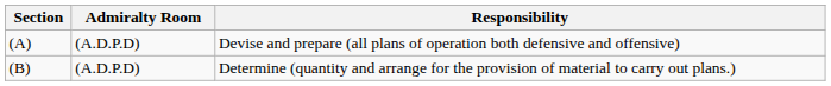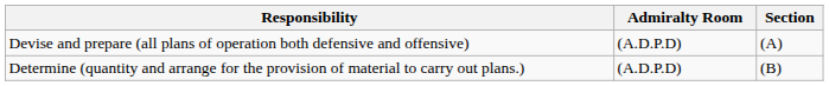 <table class="collapsible wikitable collapsed" style="width: 65%">
 <tr>
+<th>Responsibility</th>
+<th>Admiralty Room</th>
 <th>Section</th>
-<th>Admiralty Room</th>
-<th>Responsibility</th>
 </tr>
 <tr>
+<td>Devise and prepare (all plans of operation both defensive and offensive)</td>
+<td>(A.D.P.D)</td>
 <td>(A)</td>
-<td>(A.D.P.D)</td>
-<td>Devise and prepare (all plans of operation both defensive and offensive)</td>
 </tr>
 <tr>
+<td>Determine  (quantity and arrange for the provision of material to carry out plans.)</td>
+<td>(A.D.P.D)</td>
 <td>(B)</td>
-<td>(A.D.P.D)</td>
-<td>Determine  (quantity and arrange for the provision of material to carry out plans.)</td>
 </tr>
 </table>
